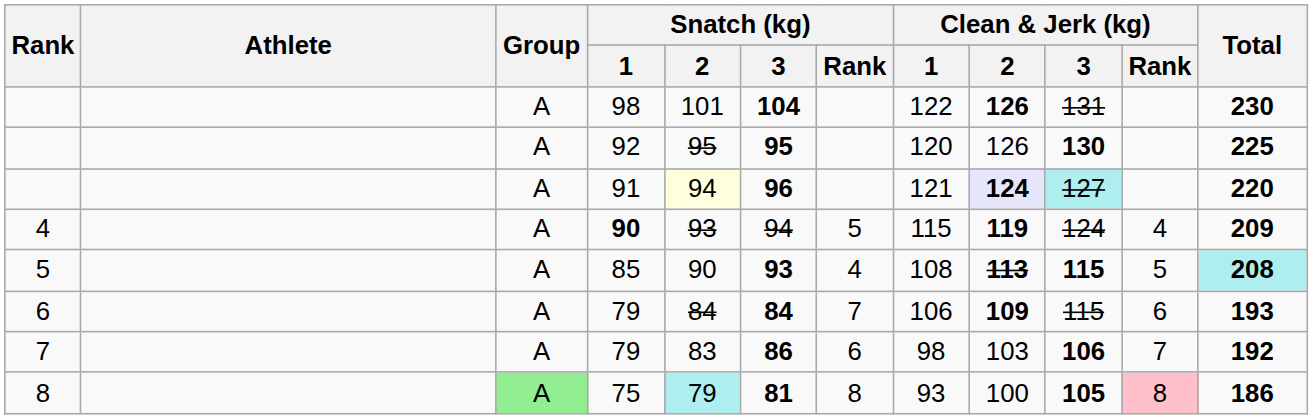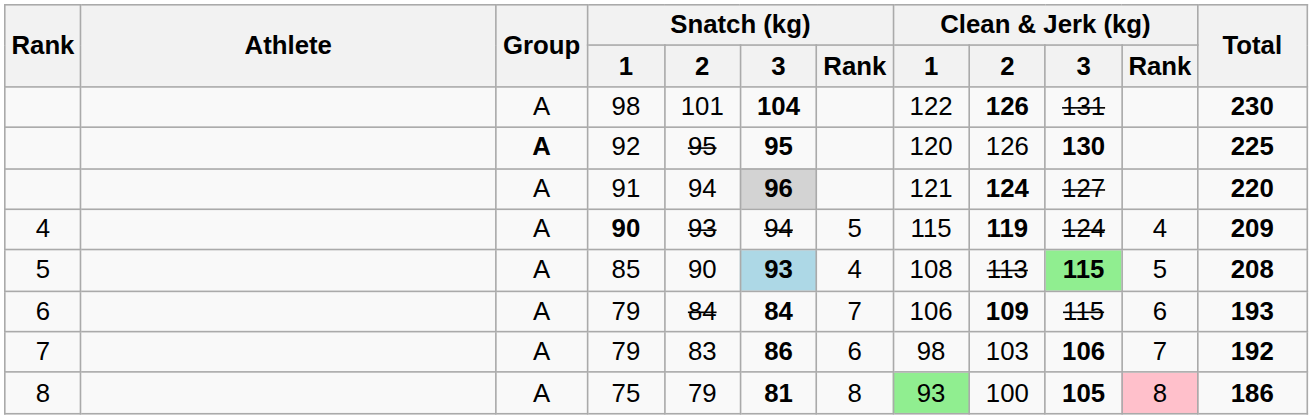 <table class = "wikitable" style="text-align:center;">
 <tr>
 <th rowspan=2 width=40>Rank</th>
 <th rowspan=2 width=250>Athlete</th>
 <th rowspan=2 width=50>Group</th>
 <th colspan=4>Snatch (kg)</th>
 <th colspan=4>Clean & Jerk (kg)</th>
 <th rowspan=2 width=60>Total</th>
 </tr>
 <tr>
 <th width=40>1</th>
 <th width=40>2</th>
 <th width=40>3</th>
 <th width=40>Rank</th>
 <th width=40>1</th>
 <th width=40>2</th>
 <th width=40>3</th>
 <th width=40>Rank</th>
 </tr>
 <tr>
 <td></td>
 <td align=left></td>
 <td>A</td>
 <td>98</td>
 <td>101</td>
 <td><strong>104</strong></td>
 <td></td>
 <td>122</td>
 <td><strong>126</strong></td>
 <td><s>131</s></td>
 <td></td>
 <td><strong>230</strong></td>
 </tr>
 <tr>
 <td></td>
 <td align=left></td>
-<td>A</td>
+<td><strong>A</strong></td>
 <td>92</td>
 <td><s>95</s></td>
 <td><strong>95</strong></td>
 <td></td>
 <td>120</td>
 <td>126</td>
 <td><strong>130</strong></td>
 <td></td>
 <td><strong>225</strong></td>
 </tr>
 <tr>
 <td></td>
 <td align=left></td>
 <td>A</td>
 <td>91</td>
-<td style="background: lightyellow;">94</td>
-<td><strong>96</strong></td>
+<td>94</td>
+<td style="background: lightgrey;"><strong>96</strong></td>
 <td></td>
 <td>121</td>
-<td style="background: lavender;"><strong>124</strong></td>
-<td style="background: paleturquoise;"><s>127</s></td>
+<td><strong>124</strong></td>
+<td><s>127</s></td>
 <td></td>
 <td><strong>220</strong></td>
 </tr>
 <tr>
 <td>4</td>
 <td align=left></td>
 <td>A</td>
 <td><strong>90</strong></td>
 <td><s>93</s></td>
 <td><s>94</s></td>
 <td>5</td>
 <td>115</td>
 <td><strong>119</strong></td>
 <td><s>124</s></td>
 <td>4</td>
 <td><strong>209</strong></td>
 </tr>
 <tr>
 <td>5</td>
 <td align=left></td>
 <td>A</td>
 <td>85</td>
 <td>90</td>
-<td><strong>93</strong></td>
+<td style="background: lightblue;"><strong>93</strong></td>
 <td>4</td>
 <td>108</td>
-<td><strong><s>113</s></strong></td>
-<td><strong>115</strong></td>
+<td><s>113</s></td>
+<td style="background: lightgreen;"><strong>115</strong></td>
 <td>5</td>
-<td style="background: paleturquoise;"><strong>208</strong></td>
+<td><strong>208</strong></td>
 </tr>
 <tr>
 <td>6</td>
 <td align=left></td>
 <td>A</td>
 <td>79</td>
 <td><s>84</s></td>
 <td><strong>84</strong></td>
 <td>7</td>
 <td>106</td>
 <td><strong>109</strong></td>
 <td><s>115</s></td>
 <td>6</td>
 <td><strong>193</strong></td>
 </tr>
 <tr>
 <td>7</td>
 <td align=left></td>
 <td>A</td>
 <td>79</td>
 <td>83</td>
 <td><strong>86</strong></td>
 <td>6</td>
 <td>98</td>
 <td>103</td>
 <td><strong>106</strong></td>
 <td>7</td>
 <td><strong>192</strong></td>
 </tr>
 <tr>
 <td>8</td>
 <td align=left></td>
-<td style="background: lightgreen;">A</td>
+<td>A</td>
 <td>75</td>
-<td style="background: paleturquoise;">79</td>
+<td>79</td>
 <td><strong>81</strong></td>
 <td>8</td>
-<td>93</td>
+<td style="background: lightgreen;">93</td>
 <td>100</td>
 <td><strong>105</strong></td>
 <td style="background: pink;">8</td>
 <td><strong>186</strong></td>
 </tr>
 </table>
